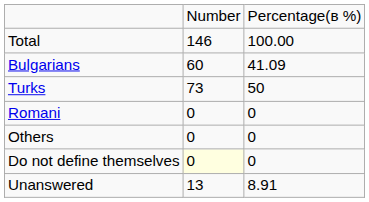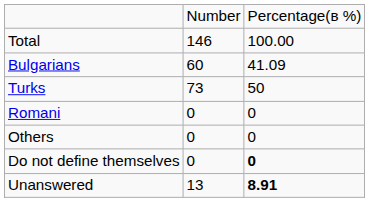 <table class="wikitable">
 <tr>
 <td></td>
 <td>Number</td>
 <td>Percentage(в %)</td>
 </tr>
 <tr>
 <td>Total</td>
 <td>146</td>
 <td>100.00</td>
 </tr>
 <tr>
 <td><a href='#'>Bulgarians</a></td>
 <td>60</td>
 <td>41.09</td>
 </tr>
 <tr>
 <td><a href='#'>Turks</a></td>
 <td>73</td>
 <td>50</td>
 </tr>
 <tr>
 <td><a href='#'>Romani</a></td>
 <td>0</td>
 <td>0</td>
 </tr>
 <tr>
 <td>Others</td>
 <td>0</td>
 <td>0</td>
 </tr>
 <tr>
 <td>Do not define themselves</td>
-<td style="background: lightyellow;">0</td>
 <td>0</td>
+<td><strong>0</strong></td>
 </tr>
 <tr>
 <td>Unanswered</td>
 <td>13</td>
-<td>8.91</td>
+<td><strong>8.91</strong></td>
 </tr>
 </table>
